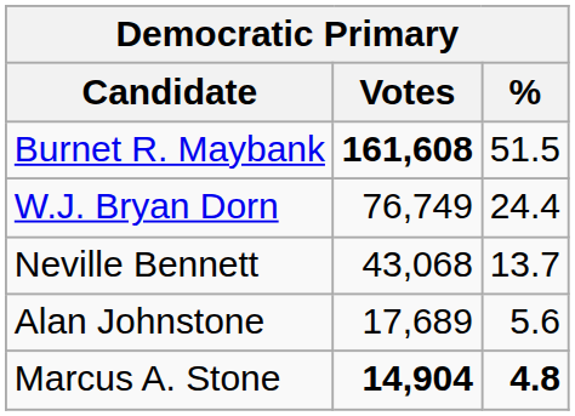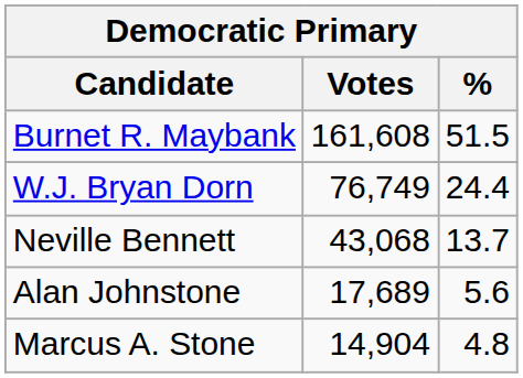 <table class=wikitable>
 <tr>
 <th colspan="3">Democratic Primary</th>
 </tr>
 <tr style="background-color:#E9E9E9">
 <th>Candidate</th>
 <th>Votes</th>
 <th>%</th>
 </tr>
 <tr>
 <td><a href='#'>Burnet R. Maybank</a></td>
-<td align="right"><strong>161,608</strong></td>
+<td align="right">161,608</td>
 <td align="right">51.5</td>
 </tr>
 <tr>
 <td><a href='#'>W.J. Bryan Dorn</a></td>
 <td align="right">76,749</td>
 <td align="right">24.4</td>
 </tr>
 <tr>
 <td>Neville Bennett</td>
 <td align="right">43,068</td>
 <td align="right">13.7</td>
 </tr>
 <tr>
 <td>Alan Johnstone</td>
 <td align="right">17,689</td>
 <td align="right">5.6</td>
 </tr>
 <tr>
 <td>Marcus A. Stone</td>
-<td align="right"><strong>14,904</strong></td>
-<td align="right"><strong>4.8</strong></td>
+<td align="right">14,904</td>
+<td align="right">4.8</td>
 </tr>
 </table>
